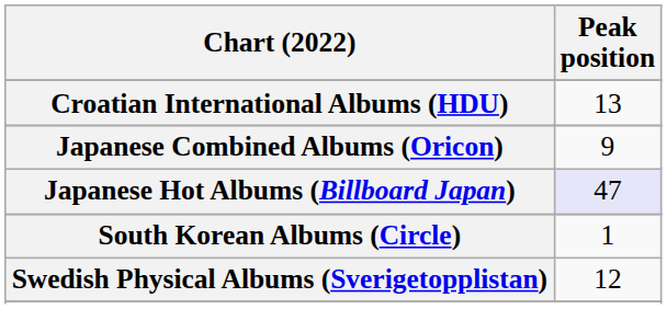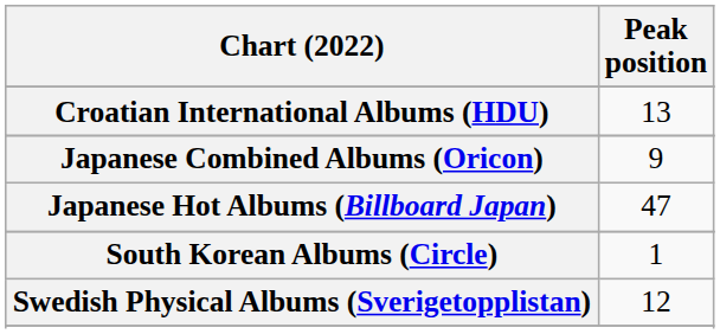 <table class="wikitable sortable plainrowheaders" style="text-align:center;">
 <tr>
 <th scope="col">Chart (2022)</th>
 <th scope="col">Peak<br>position</th>
 </tr>
 <tr>
 </tr>
 <tr>
 </tr>
 <tr>
 <th scope="row">Croatian International Albums (<a href='#'>HDU</a>)</th>
 <td>13</td>
 </tr>
 <tr>
 </tr>
 <tr>
 </tr>
 <tr>
 </tr>
 <tr>
 <th scope="row">Japanese Combined Albums (<a href='#'>Oricon</a>)</th>
 <td>9</td>
 </tr>
 <tr>
 <th scope="row">Japanese Hot Albums (<em><a href='#'>Billboard Japan</a></em>)</th>
-<td style="background: lavender;">47</td>
+<td>47</td>
 </tr>
 <tr>
 </tr>
 <tr>
 <th scope="row">South Korean Albums (<a href='#'>Circle</a>)</th>
 <td>1</td>
 </tr>
 <tr>
 <th scope="row">Swedish Physical Albums (<a href='#'>Sverigetopplistan</a>)</th>
 <td>12</td>
 </tr>
 <tr>
 </tr>
 <tr>
 </tr>
 <tr>
 </tr>
 </table>
